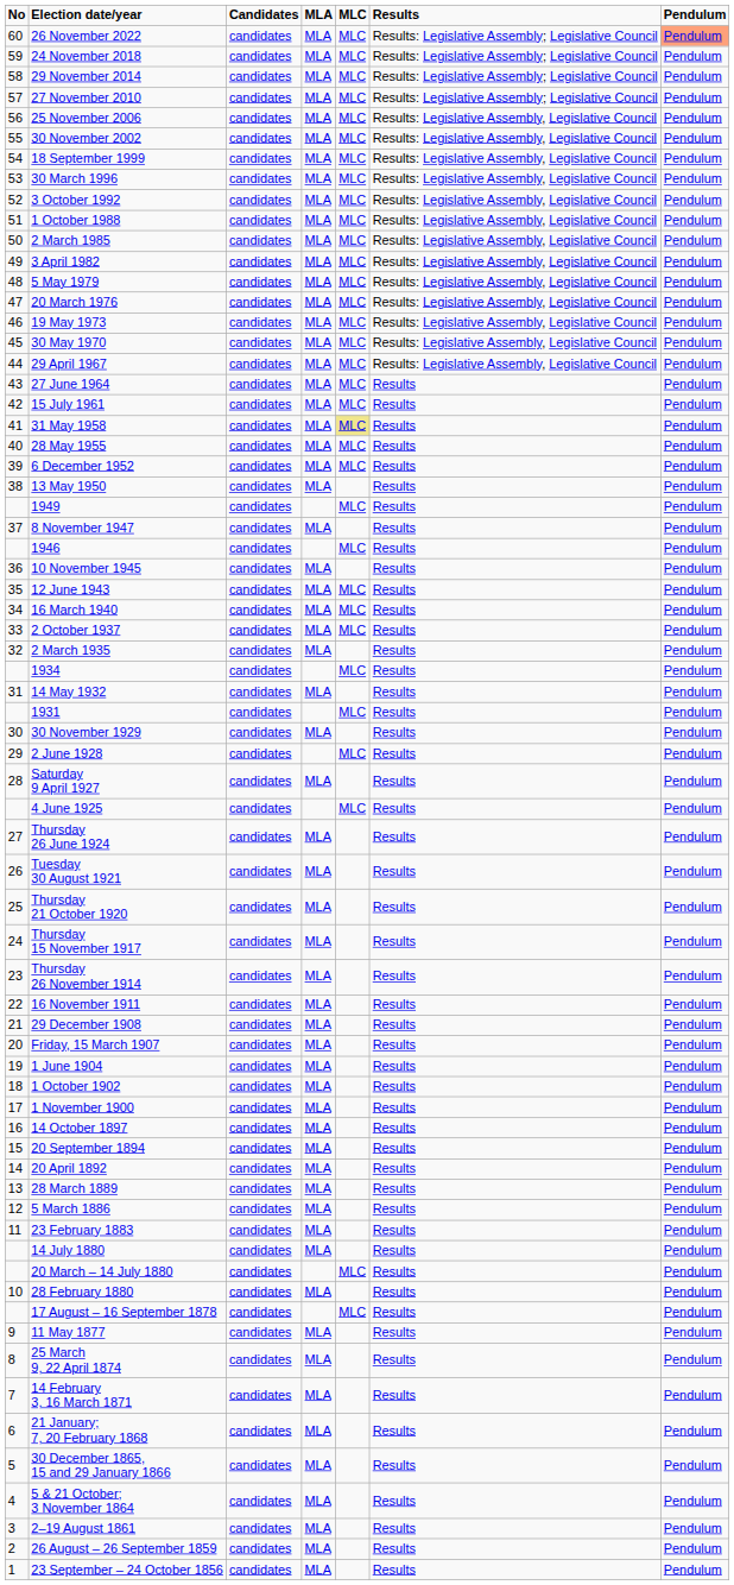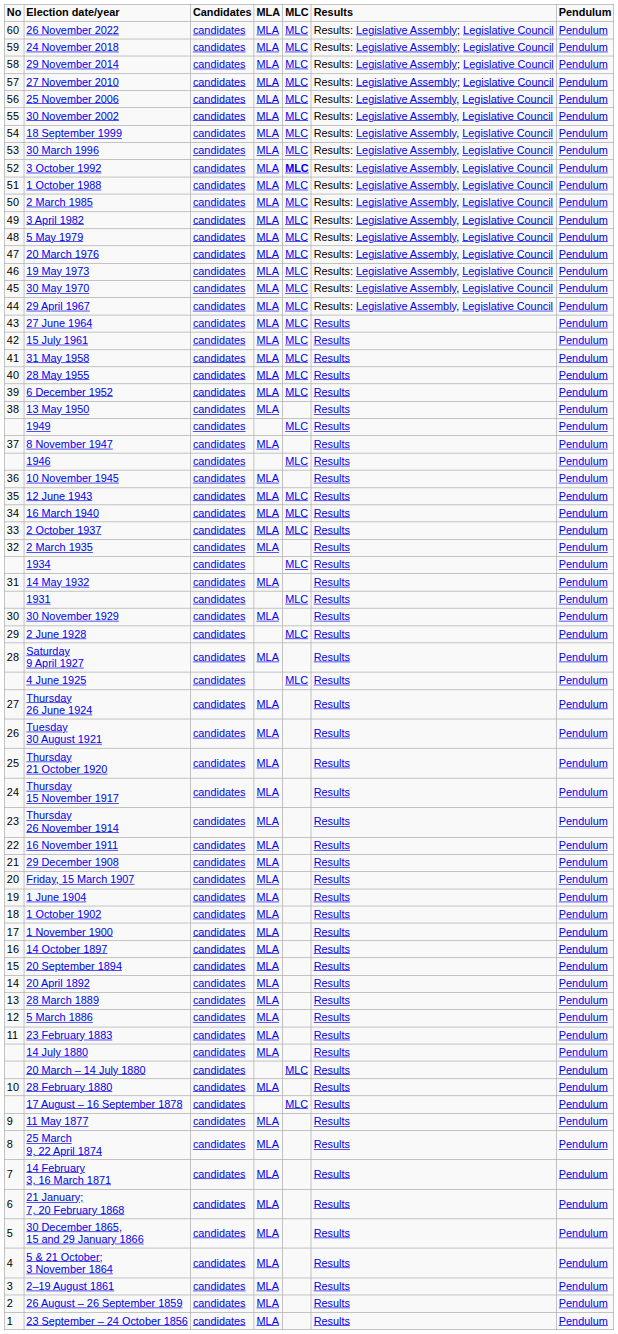 <table class=wikitable>
 <tr>
 <td><strong>No</strong></td>
 <td><strong>Election date/year</strong></td>
 <td><strong>Candidates</strong></td>
 <td><strong>MLA</strong></td>
 <td><strong>MLC</strong></td>
 <td><strong>Results</strong></td>
 <td><strong>Pendulum</strong></td>
 </tr>
 <tr>
 <td>60</td>
 <td><a href='#'>26 November 2022</a></td>
 <td><a href='#'>candidates</a></td>
 <td><a href='#'>MLA</a></td>
 <td><a href='#'>MLC</a></td>
 <td>Results: <a href='#'>Legislative Assembly</a>; <a href='#'>Legislative Council</a></td>
-<td style="background: lightsalmon;"><a href='#'>Pendulum</a></td>
+<td><a href='#'>Pendulum</a></td>
 </tr>
 <tr>
 <td>59</td>
 <td><a href='#'>24 November 2018</a></td>
 <td><a href='#'>candidates</a></td>
 <td><a href='#'>MLA</a></td>
 <td><a href='#'>MLC</a></td>
 <td>Results: <a href='#'>Legislative Assembly</a>; <a href='#'>Legislative Council</a></td>
 <td><a href='#'>Pendulum</a></td>
 </tr>
 <tr>
 <td>58</td>
 <td><a href='#'>29 November 2014</a></td>
 <td><a href='#'>candidates</a></td>
 <td><a href='#'>MLA</a></td>
 <td><a href='#'>MLC</a></td>
 <td>Results: <a href='#'>Legislative Assembly</a>; <a href='#'>Legislative Council</a></td>
 <td><a href='#'>Pendulum</a></td>
 </tr>
 <tr>
 <td>57</td>
 <td><a href='#'>27 November 2010</a></td>
 <td><a href='#'>candidates</a></td>
 <td><a href='#'>MLA</a></td>
 <td><a href='#'>MLC</a></td>
 <td>Results: <a href='#'>Legislative Assembly</a>; <a href='#'>Legislative Council</a></td>
 <td><a href='#'>Pendulum</a></td>
 </tr>
 <tr>
 <td>56</td>
 <td><a href='#'>25 November 2006</a></td>
 <td><a href='#'>candidates</a></td>
 <td><a href='#'>MLA</a></td>
 <td><a href='#'>MLC</a></td>
 <td>Results: <a href='#'>Legislative Assembly</a>, <a href='#'>Legislative Council</a></td>
 <td><a href='#'>Pendulum</a></td>
 </tr>
 <tr>
 <td>55</td>
 <td><a href='#'>30 November 2002</a></td>
 <td><a href='#'>candidates</a></td>
 <td><a href='#'>MLA</a></td>
 <td><a href='#'>MLC</a></td>
 <td>Results: <a href='#'>Legislative Assembly</a>, <a href='#'>Legislative Council</a></td>
 <td><a href='#'>Pendulum</a></td>
 </tr>
 <tr>
 <td>54</td>
 <td><a href='#'>18 September 1999</a></td>
 <td><a href='#'>candidates</a></td>
 <td><a href='#'>MLA</a></td>
 <td><a href='#'>MLC</a></td>
 <td>Results: <a href='#'>Legislative Assembly</a>, <a href='#'>Legislative Council</a></td>
 <td><a href='#'>Pendulum</a></td>
 </tr>
 <tr>
 <td>53</td>
 <td><a href='#'>30 March 1996</a></td>
 <td><a href='#'>candidates</a></td>
 <td><a href='#'>MLA</a></td>
 <td><a href='#'>MLC</a></td>
 <td>Results: <a href='#'>Legislative Assembly</a>, <a href='#'>Legislative Council</a></td>
 <td><a href='#'>Pendulum</a></td>
 </tr>
 <tr>
 <td>52</td>
 <td><a href='#'>3 October 1992</a></td>
 <td><a href='#'>candidates</a></td>
 <td><a href='#'>MLA</a></td>
-<td><a href='#'>MLC</a></td>
+<td><strong><a href='#'>MLC</a></strong></td>
 <td>Results: <a href='#'>Legislative Assembly</a>, <a href='#'>Legislative Council</a></td>
 <td><a href='#'>Pendulum</a></td>
 </tr>
 <tr>
 <td>51</td>
 <td><a href='#'>1 October 1988</a></td>
 <td><a href='#'>candidates</a></td>
 <td><a href='#'>MLA</a></td>
 <td><a href='#'>MLC</a></td>
 <td>Results: <a href='#'>Legislative Assembly</a>, <a href='#'>Legislative Council</a></td>
 <td><a href='#'>Pendulum</a></td>
 </tr>
 <tr>
 <td>50</td>
 <td><a href='#'>2 March 1985</a></td>
 <td><a href='#'>candidates</a></td>
 <td><a href='#'>MLA</a></td>
 <td><a href='#'>MLC</a></td>
 <td>Results: <a href='#'>Legislative Assembly</a>, <a href='#'>Legislative Council</a></td>
 <td><a href='#'>Pendulum</a></td>
 </tr>
 <tr>
 <td>49</td>
 <td><a href='#'>3 April 1982</a></td>
 <td><a href='#'>candidates</a></td>
 <td><a href='#'>MLA</a></td>
 <td><a href='#'>MLC</a></td>
 <td>Results: <a href='#'>Legislative Assembly</a>, <a href='#'>Legislative Council</a></td>
 <td><a href='#'>Pendulum</a></td>
 </tr>
 <tr>
 <td>48</td>
 <td><a href='#'>5 May 1979</a></td>
 <td><a href='#'>candidates</a></td>
 <td><a href='#'>MLA</a></td>
 <td><a href='#'>MLC</a></td>
 <td>Results: <a href='#'>Legislative Assembly</a>, <a href='#'>Legislative Council</a></td>
 <td><a href='#'>Pendulum</a></td>
 </tr>
 <tr>
 <td>47</td>
 <td><a href='#'>20 March 1976</a></td>
 <td><a href='#'>candidates</a></td>
 <td><a href='#'>MLA</a></td>
 <td><a href='#'>MLC</a></td>
 <td>Results: <a href='#'>Legislative Assembly</a>, <a href='#'>Legislative Council</a></td>
 <td><a href='#'>Pendulum</a></td>
 </tr>
 <tr>
 <td>46</td>
 <td><a href='#'>19 May 1973</a></td>
 <td><a href='#'>candidates</a></td>
 <td><a href='#'>MLA</a></td>
 <td><a href='#'>MLC</a></td>
 <td>Results: <a href='#'>Legislative Assembly</a>, <a href='#'>Legislative Council</a></td>
 <td><a href='#'>Pendulum</a></td>
 </tr>
 <tr>
 <td>45</td>
 <td><a href='#'>30 May 1970</a></td>
 <td><a href='#'>candidates</a></td>
 <td><a href='#'>MLA</a></td>
 <td><a href='#'>MLC</a></td>
 <td>Results: <a href='#'>Legislative Assembly</a>, <a href='#'>Legislative Council</a></td>
 <td><a href='#'>Pendulum</a></td>
 </tr>
 <tr>
 <td>44</td>
 <td><a href='#'>29 April 1967</a></td>
 <td><a href='#'>candidates</a></td>
 <td><a href='#'>MLA</a></td>
 <td><a href='#'>MLC</a></td>
 <td>Results: <a href='#'>Legislative Assembly</a>, <a href='#'>Legislative Council</a></td>
 <td><a href='#'>Pendulum</a></td>
 </tr>
 <tr>
 <td>43</td>
 <td><a href='#'>27 June 1964</a></td>
 <td><a href='#'>candidates</a></td>
 <td><a href='#'>MLA</a></td>
 <td><a href='#'>MLC</a></td>
 <td><a href='#'>Results</a></td>
 <td><a href='#'>Pendulum</a></td>
 </tr>
 <tr>
 <td>42</td>
 <td><a href='#'>15 July 1961</a></td>
 <td><a href='#'>candidates</a></td>
 <td><a href='#'>MLA</a></td>
 <td><a href='#'>MLC</a></td>
 <td><a href='#'>Results</a></td>
 <td><a href='#'>Pendulum</a></td>
 </tr>
 <tr>
 <td>41</td>
 <td><a href='#'>31 May 1958</a></td>
 <td><a href='#'>candidates</a></td>
 <td><a href='#'>MLA</a></td>
-<td style="background: khaki;"><a href='#'>MLC</a></td>
+<td><a href='#'>MLC</a></td>
 <td><a href='#'>Results</a></td>
 <td><a href='#'>Pendulum</a></td>
 </tr>
 <tr>
 <td>40</td>
 <td><a href='#'>28 May 1955</a></td>
 <td><a href='#'>candidates</a></td>
 <td><a href='#'>MLA</a></td>
 <td><a href='#'>MLC</a></td>
 <td><a href='#'>Results</a></td>
 <td><a href='#'>Pendulum</a></td>
 </tr>
 <tr>
 <td>39</td>
 <td><a href='#'>6 December 1952</a></td>
 <td><a href='#'>candidates</a></td>
 <td><a href='#'>MLA</a></td>
 <td><a href='#'>MLC</a></td>
 <td><a href='#'>Results</a></td>
 <td><a href='#'>Pendulum</a></td>
 </tr>
 <tr>
 <td>38</td>
 <td><a href='#'>13 May 1950</a></td>
 <td><a href='#'>candidates</a></td>
 <td><a href='#'>MLA</a></td>
 <td></td>
 <td><a href='#'>Results</a></td>
 <td><a href='#'>Pendulum</a></td>
 </tr>
 <tr>
 <td></td>
 <td><a href='#'>1949</a></td>
 <td><a href='#'>candidates</a></td>
 <td></td>
 <td><a href='#'>MLC</a></td>
 <td><a href='#'>Results</a></td>
 <td><a href='#'>Pendulum</a></td>
 </tr>
 <tr>
 <td>37</td>
 <td><a href='#'>8 November 1947</a></td>
 <td><a href='#'>candidates</a></td>
 <td><a href='#'>MLA</a></td>
 <td></td>
 <td><a href='#'>Results</a></td>
 <td><a href='#'>Pendulum</a></td>
 </tr>
 <tr>
 <td></td>
 <td><a href='#'>1946</a></td>
 <td><a href='#'>candidates</a></td>
 <td></td>
 <td><a href='#'>MLC</a></td>
 <td><a href='#'>Results</a></td>
 <td><a href='#'>Pendulum</a></td>
 </tr>
 <tr>
 <td>36</td>
 <td><a href='#'>10 November 1945</a></td>
 <td><a href='#'>candidates</a></td>
 <td><a href='#'>MLA</a></td>
 <td></td>
 <td><a href='#'>Results</a></td>
 <td><a href='#'>Pendulum</a></td>
 </tr>
 <tr>
 <td>35</td>
 <td><a href='#'>12 June 1943</a></td>
 <td><a href='#'>candidates</a></td>
 <td><a href='#'>MLA</a></td>
 <td><a href='#'>MLC</a></td>
 <td><a href='#'>Results</a></td>
 <td><a href='#'>Pendulum</a></td>
 </tr>
 <tr>
 <td>34</td>
 <td><a href='#'>16 March 1940</a></td>
 <td><a href='#'>candidates</a></td>
 <td><a href='#'>MLA</a></td>
 <td><a href='#'>MLC</a></td>
 <td><a href='#'>Results</a></td>
 <td><a href='#'>Pendulum</a></td>
 </tr>
 <tr>
 <td>33</td>
 <td><a href='#'>2 October 1937</a></td>
 <td><a href='#'>candidates</a></td>
 <td><a href='#'>MLA</a></td>
 <td><a href='#'>MLC</a></td>
 <td><a href='#'>Results</a></td>
 <td><a href='#'>Pendulum</a></td>
 </tr>
 <tr>
 <td>32</td>
 <td><a href='#'>2 March 1935</a></td>
 <td><a href='#'>candidates</a></td>
 <td><a href='#'>MLA</a></td>
 <td></td>
 <td><a href='#'>Results</a></td>
 <td><a href='#'>Pendulum</a></td>
 </tr>
 <tr>
 <td></td>
 <td><a href='#'>1934</a></td>
 <td><a href='#'>candidates</a></td>
 <td></td>
 <td><a href='#'>MLC</a></td>
 <td><a href='#'>Results</a></td>
 <td><a href='#'>Pendulum</a></td>
 </tr>
 <tr>
 <td>31</td>
 <td><a href='#'>14 May 1932</a></td>
 <td><a href='#'>candidates</a></td>
 <td><a href='#'>MLA</a></td>
 <td></td>
 <td><a href='#'>Results</a></td>
 <td><a href='#'>Pendulum</a></td>
 </tr>
 <tr>
 <td></td>
 <td><a href='#'>1931</a></td>
 <td><a href='#'>candidates</a></td>
 <td></td>
 <td><a href='#'>MLC</a></td>
 <td><a href='#'>Results</a></td>
 <td><a href='#'>Pendulum</a></td>
 </tr>
 <tr>
 <td>30</td>
 <td><a href='#'>30 November 1929</a></td>
 <td><a href='#'>candidates</a></td>
 <td><a href='#'>MLA</a></td>
 <td></td>
 <td><a href='#'>Results</a></td>
 <td><a href='#'>Pendulum</a></td>
 </tr>
 <tr>
 <td>29</td>
 <td><a href='#'>2 June 1928</a></td>
 <td><a href='#'>candidates</a></td>
 <td></td>
 <td><a href='#'>MLC</a></td>
 <td><a href='#'>Results</a></td>
 <td><a href='#'>Pendulum</a></td>
 </tr>
 <tr>
 <td>28</td>
 <td><a href='#'>Saturday <br>9 April 1927</a></td>
 <td><a href='#'>candidates</a></td>
 <td><a href='#'>MLA</a></td>
 <td></td>
 <td><a href='#'>Results</a></td>
 <td><a href='#'>Pendulum</a></td>
 </tr>
 <tr>
 <td></td>
 <td><a href='#'>4 June 1925</a></td>
 <td><a href='#'>candidates</a></td>
 <td></td>
 <td><a href='#'>MLC</a></td>
 <td><a href='#'>Results</a></td>
 <td><a href='#'>Pendulum</a></td>
 </tr>
 <tr>
 <td>27</td>
 <td><a href='#'>Thursday <br>26 June 1924</a></td>
 <td><a href='#'>candidates</a></td>
 <td><a href='#'>MLA</a></td>
 <td></td>
 <td><a href='#'>Results</a></td>
 <td><a href='#'>Pendulum</a></td>
 </tr>
 <tr>
 <td>26</td>
 <td><a href='#'>Tuesday <br>30 August 1921</a></td>
 <td><a href='#'>candidates</a></td>
 <td><a href='#'>MLA</a></td>
 <td></td>
 <td><a href='#'>Results</a></td>
 <td><a href='#'>Pendulum</a></td>
 </tr>
 <tr>
 <td>25</td>
 <td><a href='#'>Thursday <br>21 October 1920</a></td>
 <td><a href='#'>candidates</a></td>
 <td><a href='#'>MLA</a></td>
 <td></td>
 <td><a href='#'>Results</a></td>
 <td><a href='#'>Pendulum</a></td>
 </tr>
 <tr>
 <td>24</td>
 <td><a href='#'>Thursday <br>15 November 1917</a></td>
 <td><a href='#'>candidates</a></td>
 <td><a href='#'>MLA</a></td>
 <td></td>
 <td><a href='#'>Results</a></td>
 <td><a href='#'>Pendulum</a></td>
 </tr>
 <tr>
 <td>23</td>
 <td><a href='#'>Thursday <br>26 November 1914</a></td>
 <td><a href='#'>candidates</a></td>
 <td><a href='#'>MLA</a></td>
 <td></td>
 <td><a href='#'>Results</a></td>
 <td><a href='#'>Pendulum</a></td>
 </tr>
 <tr>
 <td>22</td>
 <td><a href='#'>16 November 1911</a></td>
 <td><a href='#'>candidates</a></td>
 <td><a href='#'>MLA</a></td>
 <td></td>
 <td><a href='#'>Results</a></td>
 <td><a href='#'>Pendulum</a></td>
 </tr>
 <tr>
 <td>21</td>
 <td><a href='#'>29 December 1908</a></td>
 <td><a href='#'>candidates</a></td>
 <td><a href='#'>MLA</a></td>
 <td></td>
 <td><a href='#'>Results</a></td>
 <td><a href='#'>Pendulum</a></td>
 </tr>
 <tr>
 <td>20</td>
 <td><a href='#'>Friday, 15 March 1907</a></td>
 <td><a href='#'>candidates</a></td>
 <td><a href='#'>MLA</a></td>
 <td></td>
 <td><a href='#'>Results</a></td>
 <td><a href='#'>Pendulum</a></td>
 </tr>
 <tr>
 <td>19</td>
 <td><a href='#'>1 June 1904</a></td>
 <td><a href='#'>candidates</a></td>
 <td><a href='#'>MLA</a></td>
 <td></td>
 <td><a href='#'>Results</a></td>
 <td><a href='#'>Pendulum</a></td>
 </tr>
 <tr>
 <td>18</td>
 <td><a href='#'>1 October 1902</a></td>
 <td><a href='#'>candidates</a></td>
 <td><a href='#'>MLA</a></td>
 <td></td>
 <td><a href='#'>Results</a></td>
 <td><a href='#'>Pendulum</a></td>
 </tr>
 <tr>
 <td>17</td>
 <td><a href='#'>1 November 1900</a></td>
 <td><a href='#'>candidates</a></td>
 <td><a href='#'>MLA</a></td>
 <td></td>
 <td><a href='#'>Results</a></td>
 <td><a href='#'>Pendulum</a></td>
 </tr>
 <tr>
 <td>16</td>
 <td><a href='#'>14 October 1897</a></td>
 <td><a href='#'>candidates</a></td>
 <td><a href='#'>MLA</a></td>
 <td></td>
 <td><a href='#'>Results</a></td>
 <td><a href='#'>Pendulum</a></td>
 </tr>
 <tr>
 <td>15</td>
 <td><a href='#'>20 September 1894</a></td>
 <td><a href='#'>candidates</a></td>
 <td><a href='#'>MLA</a></td>
 <td></td>
 <td><a href='#'>Results</a></td>
 <td><a href='#'>Pendulum</a></td>
 </tr>
 <tr>
 <td>14</td>
 <td><a href='#'>20 April 1892</a></td>
 <td><a href='#'>candidates</a></td>
 <td><a href='#'>MLA</a></td>
 <td></td>
 <td><a href='#'>Results</a></td>
 <td><a href='#'>Pendulum</a></td>
 </tr>
 <tr>
 <td>13</td>
 <td><a href='#'>28 March 1889</a></td>
 <td><a href='#'>candidates</a></td>
 <td><a href='#'>MLA</a></td>
 <td></td>
 <td><a href='#'>Results</a></td>
 <td><a href='#'>Pendulum</a></td>
 </tr>
 <tr>
 <td>12</td>
 <td><a href='#'>5 March 1886</a></td>
 <td><a href='#'>candidates</a></td>
 <td><a href='#'>MLA</a></td>
 <td></td>
 <td><a href='#'>Results</a></td>
 <td><a href='#'>Pendulum</a></td>
 </tr>
 <tr>
 <td>11</td>
 <td><a href='#'>23 February 1883</a></td>
 <td><a href='#'>candidates</a></td>
 <td><a href='#'>MLA</a></td>
 <td></td>
 <td><a href='#'>Results</a></td>
 <td><a href='#'>Pendulum</a></td>
 </tr>
 <tr>
 <td></td>
 <td><a href='#'>14 July 1880</a></td>
 <td><a href='#'>candidates</a></td>
 <td><a href='#'>MLA</a></td>
 <td></td>
 <td><a href='#'>Results</a></td>
 <td><a href='#'>Pendulum</a></td>
 </tr>
 <tr>
 <td></td>
 <td><a href='#'>20 March – 14 July 1880</a></td>
 <td><a href='#'>candidates</a></td>
 <td></td>
 <td><a href='#'>MLC</a></td>
 <td><a href='#'>Results</a></td>
 <td><a href='#'>Pendulum</a></td>
 </tr>
 <tr>
 <td>10</td>
 <td><a href='#'>28 February 1880</a></td>
 <td><a href='#'>candidates</a></td>
 <td><a href='#'>MLA</a></td>
 <td></td>
 <td><a href='#'>Results</a></td>
 <td><a href='#'>Pendulum</a></td>
 </tr>
 <tr>
 <td></td>
 <td><a href='#'>17 August – 16 September 1878</a></td>
 <td><a href='#'>candidates</a></td>
 <td></td>
 <td><a href='#'>MLC</a></td>
 <td><a href='#'>Results</a></td>
 <td><a href='#'>Pendulum</a></td>
 </tr>
 <tr>
 <td>9</td>
 <td><a href='#'>11 May 1877</a></td>
 <td><a href='#'>candidates</a></td>
 <td><a href='#'>MLA</a></td>
 <td></td>
 <td><a href='#'>Results</a></td>
 <td><a href='#'>Pendulum</a></td>
 </tr>
 <tr>
 <td>8</td>
 <td><a href='#'>25 March<br> 9, 22 April 1874</a></td>
 <td><a href='#'>candidates</a></td>
 <td><a href='#'>MLA</a></td>
 <td></td>
 <td><a href='#'>Results</a></td>
 <td><a href='#'>Pendulum</a></td>
 </tr>
 <tr>
 <td>7</td>
 <td><a href='#'>14 February <br>3, 16 March 1871</a></td>
 <td><a href='#'>candidates</a></td>
 <td><a href='#'>MLA</a></td>
 <td></td>
 <td><a href='#'>Results</a></td>
 <td><a href='#'>Pendulum</a></td>
 </tr>
 <tr>
 <td>6</td>
 <td><a href='#'>21 January; <br>7, 20 February 1868</a></td>
 <td><a href='#'>candidates</a></td>
 <td><a href='#'>MLA</a></td>
 <td></td>
 <td><a href='#'>Results</a></td>
 <td><a href='#'>Pendulum</a></td>
 </tr>
 <tr>
 <td>5</td>
 <td><a href='#'>30 December 1865, <br>15 and 29 January 1866</a></td>
 <td><a href='#'>candidates</a></td>
 <td><a href='#'>MLA</a></td>
 <td></td>
 <td><a href='#'>Results</a></td>
 <td><a href='#'>Pendulum</a></td>
 </tr>
 <tr>
 <td>4</td>
 <td><a href='#'>5 & 21 October; <br> 3 November 1864</a></td>
 <td><a href='#'>candidates</a></td>
 <td><a href='#'>MLA</a></td>
 <td></td>
 <td><a href='#'>Results</a></td>
 <td><a href='#'>Pendulum</a></td>
 </tr>
 <tr>
 <td>3</td>
 <td><a href='#'>2–19 August 1861</a></td>
 <td><a href='#'>candidates</a></td>
 <td><a href='#'>MLA</a></td>
 <td></td>
 <td><a href='#'>Results</a></td>
 <td><a href='#'>Pendulum</a></td>
 </tr>
 <tr>
 <td>2</td>
 <td><a href='#'>26 August – 26 September 1859</a></td>
 <td><a href='#'>candidates</a></td>
 <td><a href='#'>MLA</a></td>
 <td></td>
 <td><a href='#'>Results</a></td>
 <td><a href='#'>Pendulum</a></td>
 </tr>
 <tr>
 <td>1</td>
 <td><a href='#'>23 September – 24 October 1856</a></td>
 <td><a href='#'>candidates</a></td>
 <td><a href='#'>MLA</a></td>
 <td></td>
 <td><a href='#'>Results</a></td>
 <td><a href='#'>Pendulum</a></td>
 </tr>
 </table>
